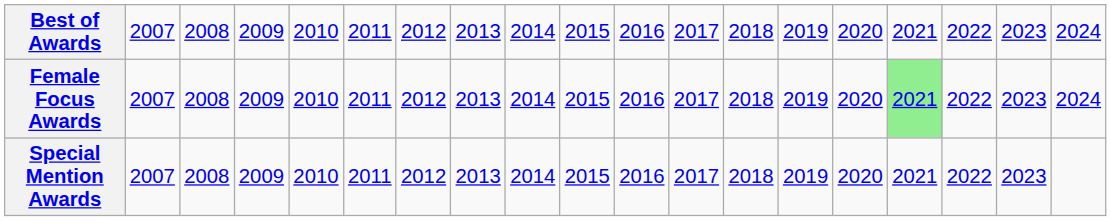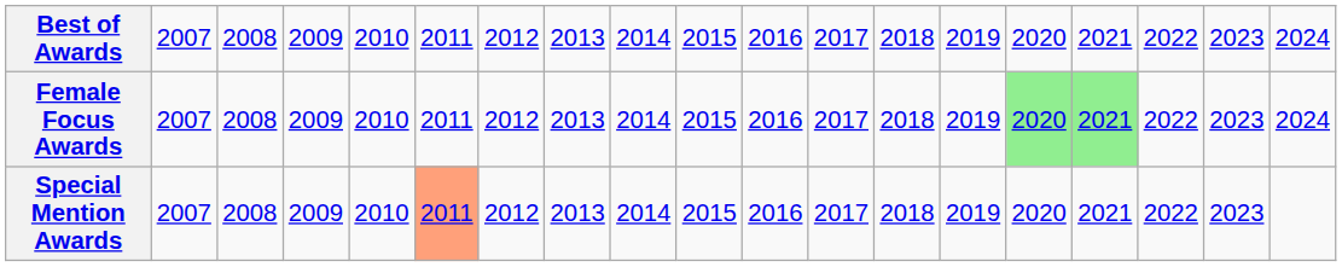 <table class="wikitable">
 <tr>
 <th><a href='#'>Best of Awards</a></th>
 <td><a href='#'>2007</a></td>
 <td><a href='#'>2008</a></td>
 <td><a href='#'>2009</a></td>
 <td><a href='#'>2010</a></td>
 <td><a href='#'>2011</a></td>
 <td><a href='#'>2012</a></td>
 <td><a href='#'>2013</a></td>
 <td><a href='#'>2014</a></td>
 <td><a href='#'>2015</a></td>
 <td><a href='#'>2016</a></td>
 <td><a href='#'>2017</a></td>
 <td><a href='#'>2018</a></td>
 <td><a href='#'>2019</a></td>
 <td><a href='#'>2020</a></td>
 <td><a href='#'>2021</a></td>
 <td><a href='#'>2022</a></td>
 <td><a href='#'>2023</a></td>
 <td><a href='#'>2024</a></td>
 </tr>
 <tr>
 <th><a href='#'>Female Focus Awards</a></th>
 <td><a href='#'>2007</a></td>
 <td><a href='#'>2008</a></td>
 <td><a href='#'>2009</a></td>
 <td><a href='#'>2010</a></td>
 <td><a href='#'>2011</a></td>
 <td><a href='#'>2012</a></td>
 <td><a href='#'>2013</a></td>
 <td><a href='#'>2014</a></td>
 <td><a href='#'>2015</a></td>
 <td><a href='#'>2016</a></td>
 <td><a href='#'>2017</a></td>
 <td><a href='#'>2018</a></td>
 <td><a href='#'>2019</a></td>
-<td><a href='#'>2020</a></td>
+<td style="background: lightgreen;"><a href='#'>2020</a></td>
 <td style="background: lightgreen;"><a href='#'>2021</a></td>
 <td><a href='#'>2022</a></td>
 <td><a href='#'>2023</a></td>
 <td><a href='#'>2024</a></td>
 </tr>
 <tr>
 <th><a href='#'>Special Mention Awards</a></th>
 <td><a href='#'>2007</a></td>
 <td><a href='#'>2008</a></td>
 <td><a href='#'>2009</a></td>
 <td><a href='#'>2010</a></td>
-<td><a href='#'>2011</a></td>
+<td style="background: lightsalmon;"><a href='#'>2011</a></td>
 <td><a href='#'>2012</a></td>
 <td><a href='#'>2013</a></td>
 <td><a href='#'>2014</a></td>
 <td><a href='#'>2015</a></td>
 <td><a href='#'>2016</a></td>
 <td><a href='#'>2017</a></td>
 <td><a href='#'>2018</a></td>
 <td><a href='#'>2019</a></td>
 <td><a href='#'>2020</a></td>
 <td><a href='#'>2021</a></td>
 <td><a href='#'>2022</a></td>
 <td><a href='#'>2023</a></td>
 </tr>
 </table>
